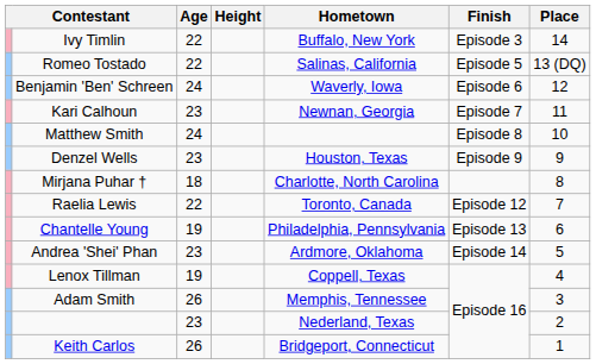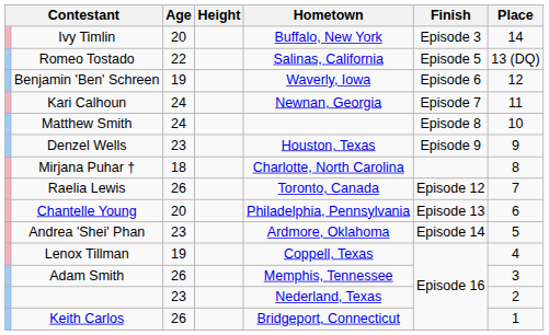 <table class="wikitable sortable" style="text-align:center;">
 <tr>
 <th colspan="2">Contestant</th>
 <th>Age</th>
 <th>Height</th>
 <th>Hometown</th>
 <th>Finish</th>
 <th>Place</th>
 </tr>
 <tr>
 <td style="background:#faafbe"></td>
 <td>Ivy Timlin</td>
-<td>22</td>
+<td>20</td>
 <td></td>
 <td><a href='#'>Buffalo, New York</a></td>
 <td>Episode 3</td>
 <td>14</td>
 </tr>
 <tr>
 <td style="background:#9cf;"></td>
 <td>Romeo Tostado</td>
 <td>22</td>
 <td></td>
 <td><a href='#'>Salinas, California</a></td>
 <td>Episode 5</td>
 <td>13 (DQ)</td>
 </tr>
 <tr>
 <td style="background:#9cf;"></td>
 <td>Benjamin 'Ben' Schreen</td>
-<td>24</td>
+<td>19</td>
 <td></td>
 <td><a href='#'>Waverly, Iowa</a></td>
 <td>Episode 6</td>
 <td>12</td>
 </tr>
 <tr>
 <td style="background:#faafbe"></td>
 <td>Kari Calhoun</td>
-<td>23</td>
+<td>24</td>
 <td></td>
 <td><a href='#'>Newnan, Georgia</a></td>
 <td>Episode 7</td>
 <td>11</td>
 </tr>
 <tr>
 <td style="background:#9cf;"></td>
 <td>Matthew Smith</td>
 <td>24</td>
 <td></td>
 <td></td>
 <td>Episode 8</td>
 <td>10</td>
 </tr>
 <tr>
 <td style="background:#9cf;"></td>
 <td>Denzel Wells</td>
 <td>23</td>
 <td></td>
 <td><a href='#'>Houston, Texas</a></td>
 <td>Episode 9</td>
 <td>9</td>
 </tr>
 <tr>
 <td style="background:#faafbe"></td>
 <td>Mirjana Puhar †</td>
 <td>18</td>
 <td></td>
 <td><a href='#'>Charlotte, North Carolina</a></td>
 <td></td>
 <td>8</td>
 </tr>
 <tr>
 <td style="background:#faafbe"></td>
 <td>Raelia Lewis</td>
-<td>22</td>
+<td>26</td>
 <td></td>
 <td><a href='#'>Toronto, Canada</a></td>
 <td>Episode 12</td>
 <td>7</td>
 </tr>
 <tr>
 <td style="background:#faafbe"></td>
 <td><a href='#'>Chantelle Young</a></td>
-<td>19</td>
+<td>20</td>
 <td></td>
 <td><a href='#'>Philadelphia, Pennsylvania</a></td>
 <td>Episode 13</td>
 <td>6</td>
 </tr>
 <tr>
 <td style="background:#faafbe"></td>
 <td>Andrea 'Shei' Phan</td>
 <td>23</td>
 <td></td>
 <td><a href='#'>Ardmore, Oklahoma</a></td>
 <td>Episode 14</td>
 <td>5</td>
 </tr>
 <tr>
 <td style="background:#faafbe"></td>
 <td>Lenox Tillman</td>
 <td>19</td>
 <td></td>
 <td><a href='#'>Coppell, Texas</a></td>
 <td rowspan="4">Episode 16</td>
 <td>4</td>
 </tr>
 <tr>
 <td style="background:#9cf;"></td>
 <td>Adam Smith</td>
 <td>26</td>
 <td></td>
 <td><a href='#'>Memphis, Tennessee</a></td>
 <td>3</td>
 </tr>
 <tr>
 <td style="background:#9cf;"></td>
 <td></td>
 <td>23</td>
 <td></td>
 <td><a href='#'>Nederland, Texas</a></td>
 <td>2</td>
 </tr>
 <tr>
 <td style="background:#9cf;"></td>
 <td><a href='#'>Keith Carlos</a></td>
 <td>26</td>
 <td></td>
 <td><a href='#'>Bridgeport, Connecticut</a></td>
 <td>1</td>
 </tr>
 </table>
